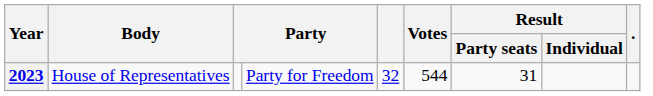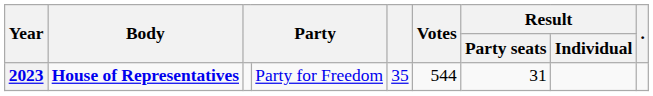 <table class="wikitable plainrowheaders sortable" border=2 cellpadding=4 cellspacing=0 style="border: 1px #aaa solid; font-size: 90%; text-align:center;">
 <tr>
 <th scope="col" rowspan=2>Year</th>
 <th scope="col" rowspan=2>Body</th>
 <th scope="col" colspan=2 rowspan=2>Party</th>
 <th scope="col" rowspan=2></th>
 <th scope="col" rowspan=2>Votes</th>
 <th scope="colgroup" colspan=2>Result</th>
 <th scope="col" rowspan=2 class="unsortable">.</th>
 </tr>
 <tr>
 <th scope="col">Party seats</th>
 <th scope="col">Individual</th>
 </tr>
 <tr>
 <th scope="row"><a href='#'>2023</a></th>
-<td><a href='#'>House of Representatives</a></td>
+<td><strong><a href='#'>House of Representatives</a></strong></td>
 <td style="background-color:"></td>
 <td><a href='#'>Party for Freedom</a></td>
-<td style=text-align:right><a href='#'>32</a></td>
+<td style=text-align:right><a href='#'>35</a></td>
 <td style=text-align:right>544</td>
 <td style=text-align:right>31</td>
 <td></td>
 <td></td>
 </tr>
 </table>
